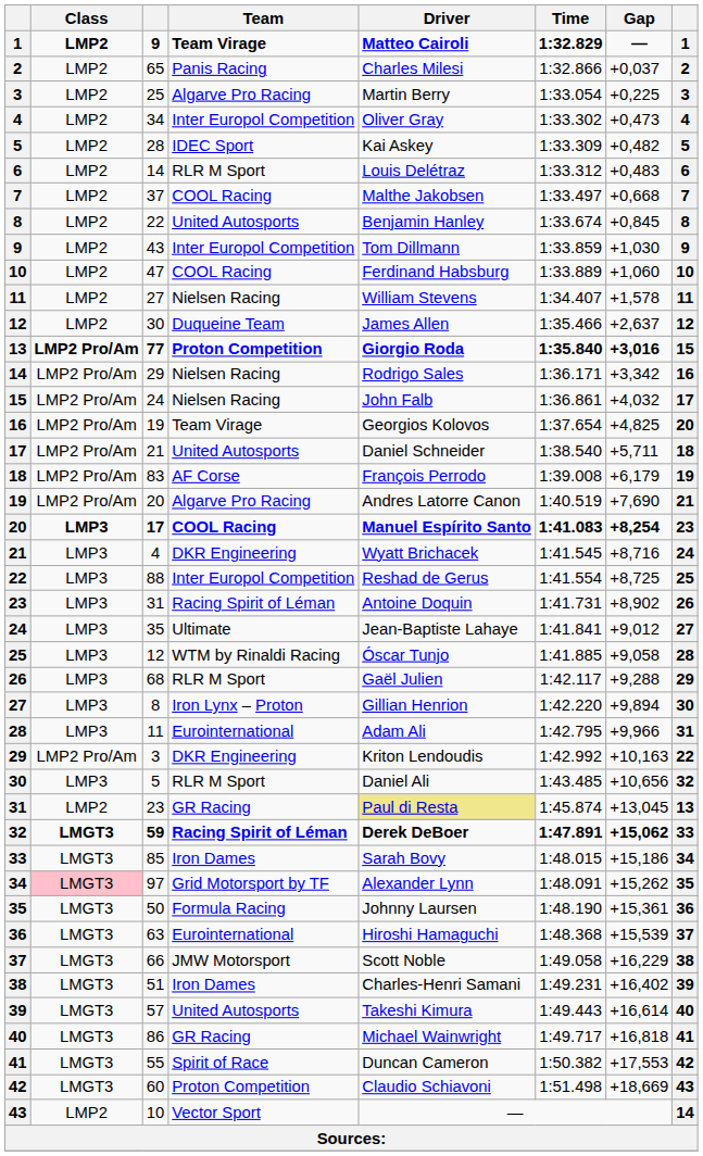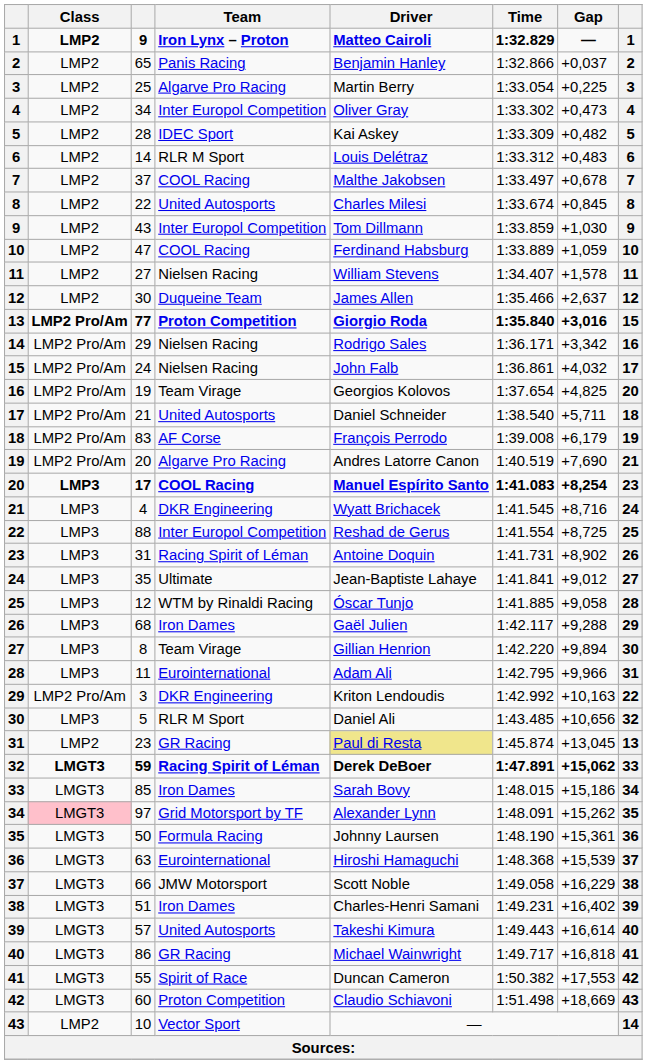 <table class="wikitable sortable" style="font-size: 90%;">
 <tr>
 <th></th>
 <th class="unsortable">Class</th>
 <th class="unsortable"></th>
 <th class="unsortable">Team</th>
 <th class="unsortable">Driver</th>
 <th class="unsortable">Time</th>
 <th class="unsortable">Gap</th>
 <th></th>
 </tr>
 <tr style="font-weight: bold;">
 <th>1</th>
 <td align="center">LMP2</td>
 <td align="center">9</td>
-<td> Team Virage</td>
+<td> <a href='#'>Iron Lynx</a> – <a href='#'>Proton</a></td>
 <td> <a href='#'>Matteo Cairoli</a></td>
 <td align="center">1:32.829</td>
 <td align="center">—</td>
 <th>1</th>
 </tr>
 <tr>
 <th>2</th>
 <td align="center">LMP2</td>
 <td align="center">65</td>
 <td> <a href='#'>Panis Racing</a></td>
-<td> <a href='#'>Charles Milesi</a></td>
+<td> <a href='#'>Benjamin Hanley</a></td>
 <td align="center">1:32.866</td>
 <td>+0,037</td>
 <th>2</th>
 </tr>
 <tr>
 <th>3</th>
 <td align="center">LMP2</td>
 <td align="center">25</td>
 <td> <a href='#'>Algarve Pro Racing</a></td>
 <td> Martin Berry</td>
 <td align="center">1:33.054</td>
 <td>+0,225</td>
 <th>3</th>
 </tr>
 <tr>
 <th>4</th>
 <td align="center">LMP2</td>
 <td align="center">34</td>
 <td> <a href='#'>Inter Europol Competition</a></td>
 <td> <a href='#'>Oliver Gray</a></td>
 <td align="center">1:33.302</td>
 <td>+0,473</td>
 <th>4</th>
 </tr>
 <tr>
 <th>5</th>
 <td align="center">LMP2</td>
 <td align="center">28</td>
 <td> <a href='#'>IDEC Sport</a></td>
 <td> Kai Askey</td>
 <td align="center">1:33.309</td>
 <td>+0,482</td>
 <th>5</th>
 </tr>
 <tr>
 <th>6</th>
 <td align="center">LMP2</td>
 <td align="center">14</td>
 <td> RLR M Sport</td>
 <td> <a href='#'>Louis Delétraz</a></td>
 <td align="center">1:33.312</td>
 <td>+0,483</td>
 <th>6</th>
 </tr>
 <tr>
 <th>7</th>
 <td align="center">LMP2</td>
 <td align="center">37</td>
 <td> <a href='#'>COOL Racing</a></td>
 <td> <a href='#'>Malthe Jakobsen</a></td>
 <td align="center">1:33.497</td>
-<td>+0,668</td>
+<td>+0,678</td>
 <th>7</th>
 </tr>
 <tr>
 <th>8</th>
 <td align="center">LMP2</td>
 <td align="center">22</td>
 <td> <a href='#'>United Autosports</a></td>
-<td> <a href='#'>Benjamin Hanley</a></td>
+<td> <a href='#'>Charles Milesi</a></td>
 <td align="center">1:33.674</td>
 <td>+0,845</td>
 <th>8</th>
 </tr>
 <tr>
 <th>9</th>
 <td align="center">LMP2</td>
 <td align="center">43</td>
 <td> <a href='#'>Inter Europol Competition</a></td>
 <td> <a href='#'>Tom Dillmann</a></td>
 <td align="center">1:33.859</td>
 <td>+1,030</td>
 <th>9</th>
 </tr>
 <tr>
 <th>10</th>
 <td align="center">LMP2</td>
 <td align="center">47</td>
 <td> <a href='#'>COOL Racing</a></td>
 <td> <a href='#'>Ferdinand Habsburg</a></td>
 <td align="center">1:33.889</td>
-<td>+1,060</td>
+<td>+1,059</td>
 <th>10</th>
 </tr>
 <tr>
 <th>11</th>
 <td align="center">LMP2</td>
 <td align="center">27</td>
 <td> Nielsen Racing</td>
 <td> <a href='#'>William Stevens</a></td>
 <td align="center">1:34.407</td>
 <td>+1,578</td>
 <th>11</th>
 </tr>
 <tr>
 <th>12</th>
 <td align="center">LMP2</td>
 <td align="center">30</td>
 <td> <a href='#'>Duqueine Team</a></td>
 <td> <a href='#'>James Allen</a></td>
 <td align="center">1:35.466</td>
 <td>+2,637</td>
 <th>12</th>
 </tr>
 <tr style="font-weight: bold;">
 <th>13</th>
 <td align="center">LMP2 Pro/Am</td>
 <td align="center">77</td>
 <td> <a href='#'>Proton Competition</a></td>
 <td> <a href='#'>Giorgio Roda</a></td>
 <td align="center">1:35.840</td>
 <td>+3,016</td>
 <th>15</th>
 </tr>
 <tr>
 <th>14</th>
 <td align="center">LMP2 Pro/Am</td>
 <td align="center">29</td>
 <td> Nielsen Racing</td>
 <td> <a href='#'>Rodrigo Sales</a></td>
 <td align="center">1:36.171</td>
 <td>+3,342</td>
 <th>16</th>
 </tr>
 <tr>
 <th>15</th>
 <td align="center">LMP2 Pro/Am</td>
 <td align="center">24</td>
 <td> Nielsen Racing</td>
 <td> <a href='#'>John Falb</a></td>
 <td align="center">1:36.861</td>
 <td>+4,032</td>
 <th>17</th>
 </tr>
 <tr>
 <th>16</th>
 <td align="center">LMP2 Pro/Am</td>
 <td align="center">19</td>
 <td> Team Virage</td>
 <td> Georgios Kolovos</td>
 <td align="center">1:37.654</td>
 <td>+4,825</td>
 <th>20</th>
 </tr>
 <tr>
 <th>17</th>
 <td align="center">LMP2 Pro/Am</td>
 <td align="center">21</td>
 <td> <a href='#'>United Autosports</a></td>
 <td> Daniel Schneider</td>
 <td align="center">1:38.540</td>
 <td>+5,711</td>
 <th>18</th>
 </tr>
 <tr>
 <th>18</th>
 <td align="center">LMP2 Pro/Am</td>
 <td align="center">83</td>
 <td> <a href='#'>AF Corse</a></td>
 <td> <a href='#'>François Perrodo</a></td>
 <td align="center">1:39.008</td>
 <td>+6,179</td>
 <th>19</th>
 </tr>
 <tr>
 <th>19</th>
 <td align="center">LMP2 Pro/Am</td>
 <td align="center">20</td>
 <td> <a href='#'>Algarve Pro Racing</a></td>
 <td> Andres Latorre Canon</td>
 <td align="center">1:40.519</td>
 <td>+7,690</td>
 <th>21</th>
 </tr>
 <tr style="font-weight: bold;">
 <th>20</th>
 <td align="center">LMP3</td>
 <td align="center">17</td>
 <td> <a href='#'>COOL Racing</a></td>
 <td> <a href='#'>Manuel Espírito Santo</a></td>
 <td align="center">1:41.083</td>
 <td>+8,254</td>
 <th>23</th>
 </tr>
 <tr>
 <th>21</th>
 <td align="center">LMP3</td>
 <td align="center">4</td>
 <td> <a href='#'>DKR Engineering</a></td>
 <td> <a href='#'>Wyatt Brichacek</a></td>
 <td align="center">1:41.545</td>
 <td>+8,716</td>
 <th>24</th>
 </tr>
 <tr>
 <th>22</th>
 <td align="center">LMP3</td>
 <td align="center">88</td>
 <td> <a href='#'>Inter Europol Competition</a></td>
 <td> <a href='#'>Reshad de Gerus</a></td>
 <td align="center">1:41.554</td>
 <td>+8,725</td>
 <th>25</th>
 </tr>
 <tr>
 <th>23</th>
 <td align="center">LMP3</td>
 <td align="center">31</td>
 <td> <a href='#'>Racing Spirit of Léman</a></td>
 <td> <a href='#'>Antoine Doquin</a></td>
 <td align="center">1:41.731</td>
 <td>+8,902</td>
 <th>26</th>
 </tr>
 <tr>
 <th>24</th>
 <td align="center">LMP3</td>
 <td align="center">35</td>
 <td> Ultimate</td>
 <td> Jean-Baptiste Lahaye</td>
 <td align="center">1:41.841</td>
 <td>+9,012</td>
 <th>27</th>
 </tr>
 <tr>
 <th>25</th>
 <td align="center">LMP3</td>
 <td align="center">12</td>
 <td> WTM by Rinaldi Racing</td>
 <td> <a href='#'>Óscar Tunjo</a></td>
 <td align="center">1:41.885</td>
 <td>+9,058</td>
 <th>28</th>
 </tr>
 <tr>
 <th>26</th>
 <td align="center">LMP3</td>
 <td align="center">68</td>
-<td> RLR M Sport</td>
+<td> <a href='#'>Iron Dames</a></td>
 <td> <a href='#'>Gaël Julien</a></td>
 <td align="center">1:42.117</td>
 <td>+9,288</td>
 <th>29</th>
 </tr>
 <tr>
 <th>27</th>
 <td align="center">LMP3</td>
 <td align="center">8</td>
-<td> <a href='#'>Iron Lynx</a> – <a href='#'>Proton</a></td>
+<td> Team Virage</td>
 <td> <a href='#'>Gillian Henrion</a></td>
 <td align="center">1:42.220</td>
 <td>+9,894</td>
 <th>30</th>
 </tr>
 <tr>
 <th>28</th>
 <td align="center">LMP3</td>
 <td align="center">11</td>
 <td> <a href='#'>Eurointernational</a></td>
 <td> <a href='#'>Adam Ali</a></td>
 <td align="center">1:42.795</td>
 <td>+9,966</td>
 <th>31</th>
 </tr>
 <tr>
 <th>29</th>
 <td align="center">LMP2 Pro/Am</td>
 <td align="center">3</td>
 <td> <a href='#'>DKR Engineering</a></td>
 <td> Kriton Lendoudis</td>
 <td align="center">1:42.992</td>
 <td>+10,163</td>
 <th>22</th>
 </tr>
 <tr>
 <th>30</th>
 <td align="center">LMP3</td>
 <td align="center">5</td>
 <td> RLR M Sport</td>
 <td> Daniel Ali</td>
 <td align="center">1:43.485</td>
 <td>+10,656</td>
 <th>32</th>
 </tr>
 <tr>
 <th>31</th>
 <td align="center">LMP2</td>
 <td align="center">23</td>
 <td> <a href='#'>GR Racing</a></td>
 <td style="background: khaki;"> <a href='#'>Paul di Resta</a></td>
 <td align="center">1:45.874</td>
 <td>+13,045</td>
 <th>13</th>
 </tr>
 <tr style="font-weight: bold;">
 <th>32</th>
 <td align="center">LMGT3</td>
 <td align="center">59</td>
 <td> <a href='#'>Racing Spirit of Léman</a></td>
 <td> Derek DeBoer</td>
 <td align="center">1:47.891</td>
 <td>+15,062</td>
 <th>33</th>
 </tr>
 <tr>
 <th>33</th>
 <td align="center">LMGT3</td>
 <td align="center">85</td>
 <td> <a href='#'>Iron Dames</a></td>
 <td> <a href='#'>Sarah Bovy</a></td>
 <td align="center">1:48.015</td>
 <td>+15,186</td>
 <th>34</th>
 </tr>
 <tr>
 <th>34</th>
 <td align="center" style="background: pink;">LMGT3</td>
 <td align="center">97</td>
 <td> <a href='#'>Grid Motorsport by TF</a></td>
 <td> <a href='#'>Alexander Lynn</a></td>
 <td align="center">1:48.091</td>
 <td>+15,262</td>
 <th>35</th>
 </tr>
 <tr>
 <th>35</th>
 <td align="center">LMGT3</td>
 <td align="center">50</td>
 <td> <a href='#'>Formula Racing</a></td>
 <td> Johnny Laursen</td>
 <td align="center">1:48.190</td>
 <td>+15,361</td>
 <th>36</th>
 </tr>
 <tr>
 <th>36</th>
 <td align="center">LMGT3</td>
 <td align="center">63</td>
 <td> <a href='#'>Eurointernational</a></td>
 <td> <a href='#'>Hiroshi Hamaguchi</a></td>
 <td align="center">1:48.368</td>
 <td>+15,539</td>
 <th>37</th>
 </tr>
 <tr>
 <th>37</th>
 <td align="center">LMGT3</td>
 <td align="center">66</td>
 <td> JMW Motorsport</td>
 <td> Scott Noble</td>
 <td align="center">1:49.058</td>
 <td>+16,229</td>
 <th>38</th>
 </tr>
 <tr>
 <th>38</th>
 <td align="center">LMGT3</td>
 <td align="center">51</td>
 <td> <a href='#'>Iron Dames</a></td>
 <td> Charles-Henri Samani</td>
 <td align="center">1:49.231</td>
 <td>+16,402</td>
 <th>39</th>
 </tr>
 <tr>
 <th>39</th>
 <td align="center">LMGT3</td>
 <td align="center">57</td>
 <td> <a href='#'>United Autosports</a></td>
 <td> <a href='#'>Takeshi Kimura</a></td>
 <td align="center">1:49.443</td>
 <td>+16,614</td>
 <th>40</th>
 </tr>
 <tr>
 <th>40</th>
 <td align="center">LMGT3</td>
 <td align="center">86</td>
 <td> <a href='#'>GR Racing</a></td>
 <td> <a href='#'>Michael Wainwright</a></td>
 <td align="center">1:49.717</td>
 <td>+16,818</td>
 <th>41</th>
 </tr>
 <tr>
 <th>41</th>
 <td align="center">LMGT3</td>
 <td align="center">55</td>
 <td> <a href='#'>Spirit of Race</a></td>
 <td> Duncan Cameron</td>
 <td align="center">1:50.382</td>
 <td>+17,553</td>
 <th>42</th>
 </tr>
 <tr>
 <th>42</th>
 <td align="center">LMGT3</td>
 <td align="center">60</td>
 <td> <a href='#'>Proton Competition</a></td>
 <td> <a href='#'>Claudio Schiavoni</a></td>
 <td align="center">1:51.498</td>
 <td>+18,669</td>
 <th>43</th>
 </tr>
 <tr>
 <th>43</th>
 <td align="center">LMP2</td>
 <td align="center">10</td>
 <td> <a href='#'>Vector Sport</a></td>
 <td colspan="3" align="center">—</td>
 <th>14</th>
 </tr>
 <tr>
 <th colspan="8">Sources:</th>
 </tr>
 <tr>
 </tr>
 </table>
